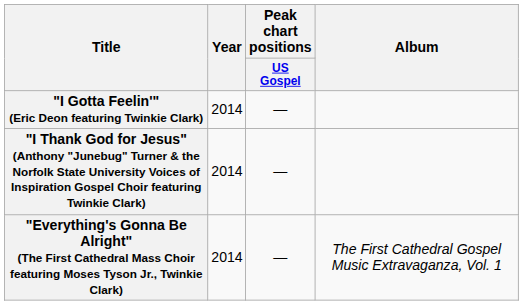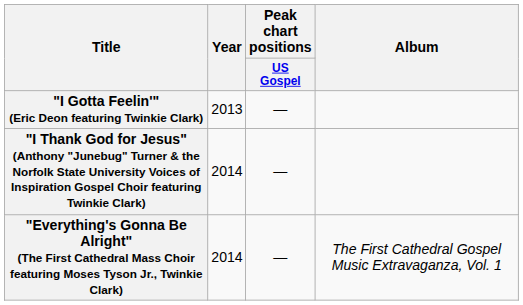 <table class="wikitable plainrowheaders" style="text-align:center;" border="1">
 <tr>
 <th scope="col" rowspan="2" style="width:14em;">Title</th>
 <th scope="col" rowspan="2" style="width:2em;">Year</th>
 <th scope="col" colspan="1">Peak<br>chart<br>positions</th>
 <th scope="col" rowspan="2" style="width:14em;">Album</th>
 </tr>
 <tr>
 <th scope="col" style="width:3em;font-size:85%;"><a href='#'>US<br>Gospel</a><br></th>
 </tr>
 <tr>
 <th scope="row">"I Gotta Feelin'"<br><small>(Eric Deon featuring Twinkie Clark)</small></th>
-<td>2014</td>
+<td>2013</td>
 <td>—</td>
 <td></td>
 </tr>
 <tr>
 <th scope="row">"I Thank God for Jesus"<br><small>(Anthony "Junebug" Turner & the Norfolk State University Voices of Inspiration Gospel Choir featuring Twinkie Clark)</small></th>
 <td>2014</td>
 <td>—</td>
 <td></td>
 </tr>
 <tr>
 <th scope="row">"Everything's Gonna Be Alright"<br><small>(The First Cathedral Mass Choir featuring Moses Tyson Jr., Twinkie Clark)</small></th>
 <td>2014</td>
 <td>—</td>
 <td><em>The First Cathedral Gospel Music Extravaganza, Vol. 1</em></td>
 </tr>
 </table>
